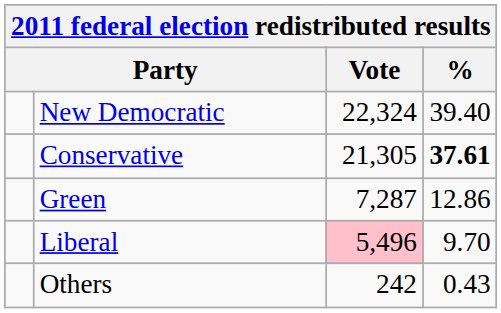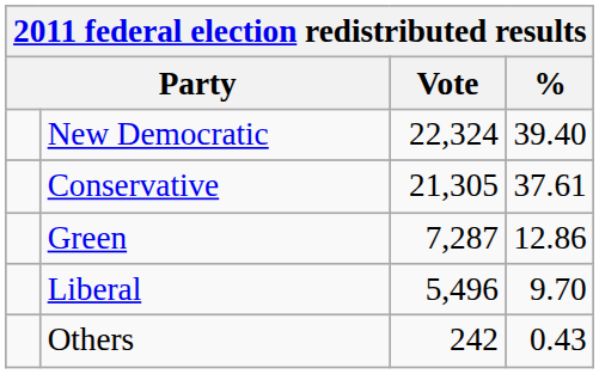 <table class="wikitable">
 <tr>
 <th colspan="4"><a href='#'>2011 federal election</a> redistributed results</th>
 </tr>
 <tr>
 <th bgcolor="#DDDDFF" width="130px" colspan="2">Party</th>
 <th bgcolor="#DDDDFF" width="50px">Vote</th>
 <th bgcolor="#DDDDFF" width="30px">%</th>
 </tr>
 <tr>
 <td> </td>
 <td><a href='#'>New Democratic</a></td>
 <td align="right">22,324</td>
 <td align="right">39.40</td>
 </tr>
 <tr>
 <td> </td>
 <td><a href='#'>Conservative</a></td>
 <td align="right">21,305</td>
-<td align="right"><strong>37.61</strong></td>
+<td align="right">37.61</td>
 </tr>
 <tr>
 <td> </td>
 <td><a href='#'>Green</a></td>
 <td align="right">7,287</td>
 <td align="right">12.86</td>
 </tr>
 <tr>
 <td> </td>
 <td><a href='#'>Liberal</a></td>
-<td align="right" style="background: pink;">5,496</td>
+<td align="right">5,496</td>
 <td align="right">9.70</td>
 </tr>
 <tr>
 <td> </td>
 <td>Others</td>
 <td align="right">242</td>
 <td align="right">0.43</td>
 </tr>
 </table>
